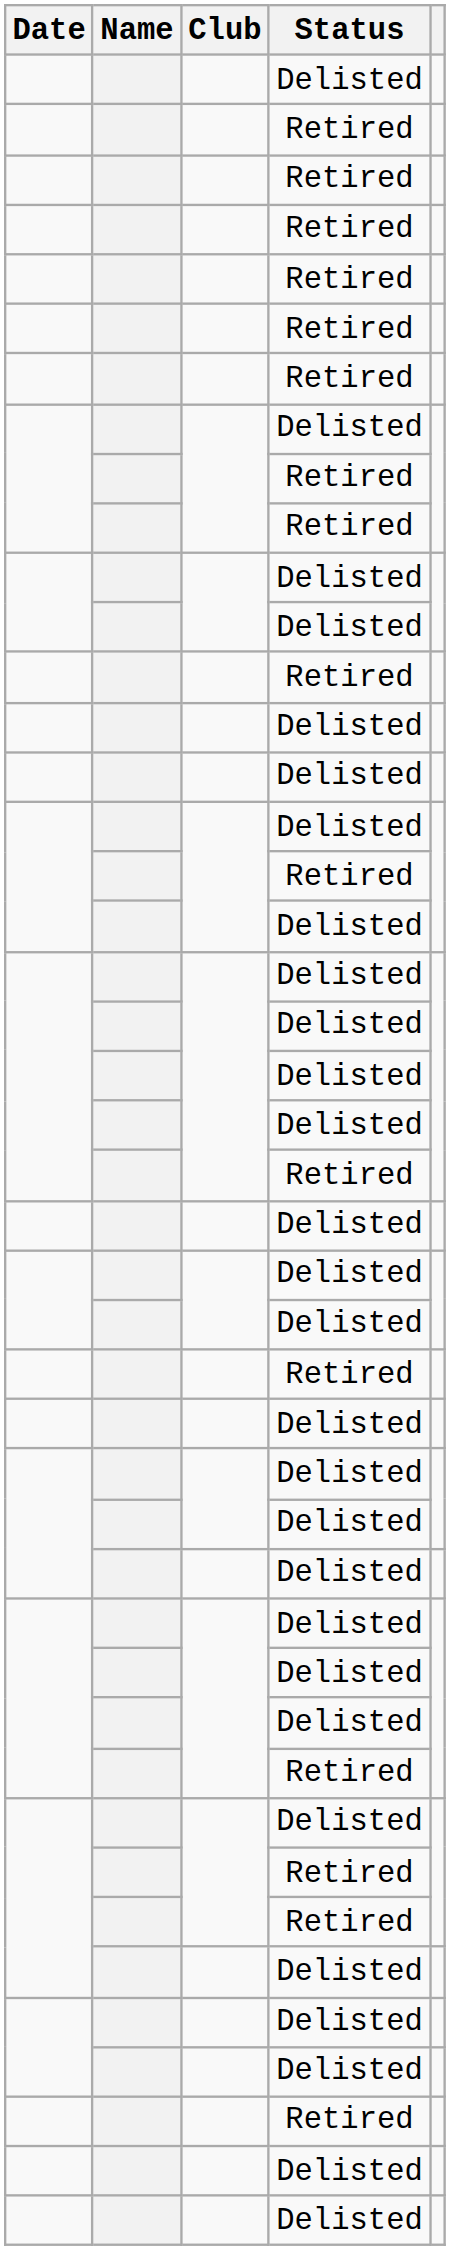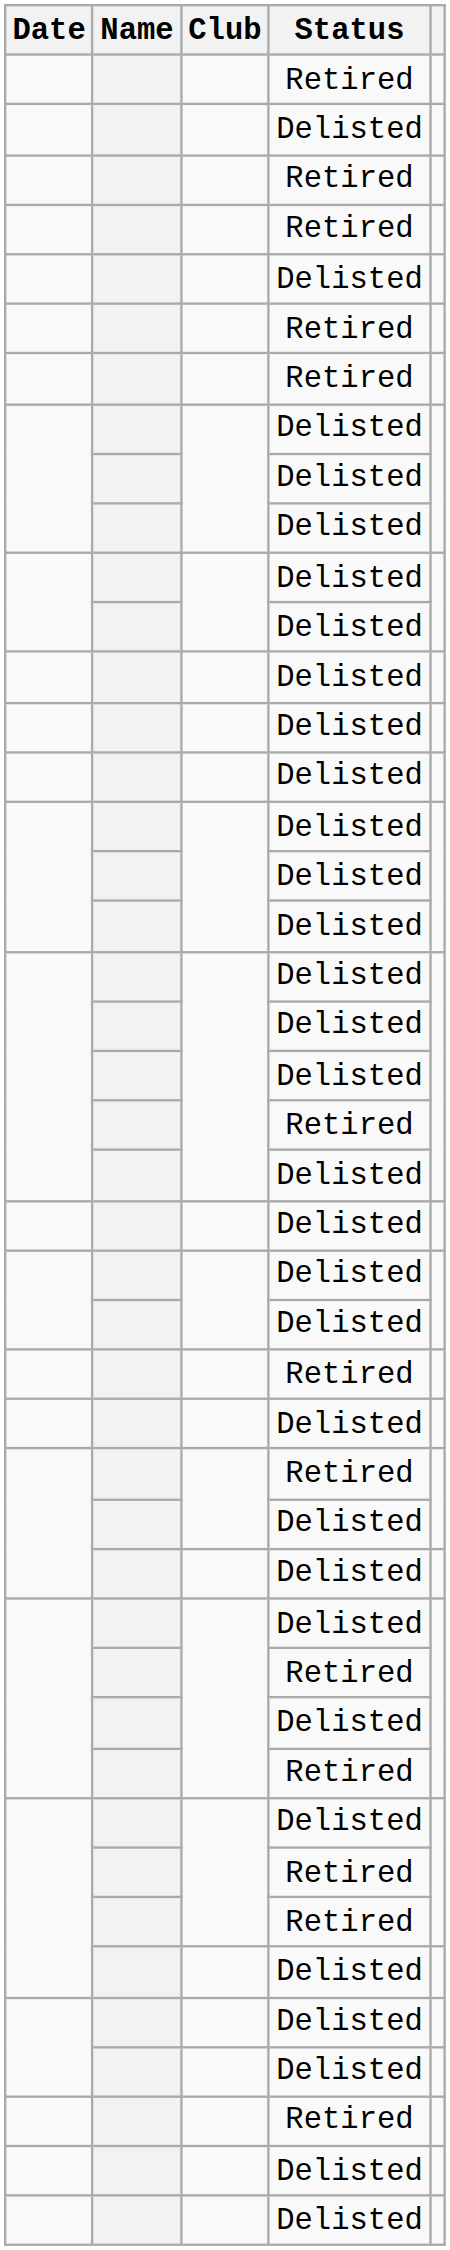 <table class="wikitable sortable plainrowheaders" style="text-align:center;">
 <tr>
 <th scope="col">Date</th>
 <th scope="col">Name</th>
 <th scope="col">Club</th>
 <th scope="col">Status</th>
 <th class="unsortable"></th>
+</tr>
+<tr>
+<td></td>
+<th scope="row"></th>
+<td></td>
+<td>Retired</td>
+<td></td>
 </tr>
 <tr>
 <td></td>
 <th scope="row"></th>
 <td></td>
 <td>Delisted</td>
 <td></td>
 </tr>
 <tr>
 <td></td>
 <th scope="row"></th>
 <td></td>
 <td>Retired</td>
 <td></td>
 </tr>
 <tr>
 <td></td>
 <th scope="row"></th>
 <td></td>
 <td>Retired</td>
 <td></td>
 </tr>
 <tr>
 <td></td>
 <th scope="row"></th>
 <td></td>
-<td>Retired</td>
-<td></td>
-</tr>
-<tr>
-<td></td>
-<th scope="row"></th>
-<td></td>
-<td>Retired</td>
+<td>Delisted</td>
 <td></td>
 </tr>
 <tr>
 <td></td>
 <th scope="row"></th>
 <td></td>
 <td>Retired</td>
 <td></td>
 </tr>
 <tr>
 <td></td>
 <th scope="row"></th>
 <td></td>
 <td>Retired</td>
 <td></td>
 </tr>
 <tr>
 <td rowspan=3></td>
 <th scope="row"></th>
 <td rowspan=3></td>
 <td>Delisted</td>
 <td rowspan=3></td>
 </tr>
 <tr>
 <th scope="row"></th>
-<td>Retired</td>
+<td>Delisted</td>
 </tr>
 <tr>
 <th scope="row"></th>
-<td>Retired</td>
+<td>Delisted</td>
 </tr>
 <tr>
 <td rowspan=2></td>
 <th scope="row"></th>
 <td rowspan=2></td>
 <td>Delisted</td>
 <td rowspan=2></td>
 </tr>
 <tr>
 <th scope="row"></th>
 <td>Delisted</td>
 </tr>
 <tr>
 <td></td>
 <th scope="row"></th>
 <td></td>
-<td>Retired</td>
+<td>Delisted</td>
 <td></td>
 </tr>
 <tr>
 <td></td>
 <th scope="row"></th>
 <td></td>
 <td>Delisted</td>
 <td></td>
 </tr>
 <tr>
 <td></td>
 <th scope="row"></th>
 <td></td>
 <td>Delisted</td>
 <td></td>
 </tr>
 <tr>
 <td rowspan=3></td>
 <th scope="row"></th>
 <td rowspan=3></td>
 <td>Delisted</td>
 <td rowspan=3></td>
 </tr>
 <tr>
 <th scope="row"></th>
-<td>Retired</td>
+<td>Delisted</td>
 </tr>
 <tr>
 <th scope="row"></th>
 <td>Delisted</td>
 </tr>
 <tr>
 <td rowspan=5></td>
 <th scope="row"></th>
 <td rowspan=5></td>
 <td>Delisted</td>
 <td rowspan=5></td>
 </tr>
 <tr>
 <th scope="row"></th>
 <td>Delisted</td>
 </tr>
 <tr>
 <th scope="row"></th>
 <td>Delisted</td>
 </tr>
 <tr>
 <th scope="row"></th>
-<td>Delisted</td>
+<td>Retired</td>
 </tr>
 <tr>
 <th scope="row"></th>
-<td>Retired</td>
+<td>Delisted</td>
 </tr>
 <tr>
 <td></td>
 <th scope="row"></th>
 <td></td>
 <td>Delisted</td>
 <td></td>
 </tr>
 <tr>
 <td rowspan=2></td>
 <th scope="row"></th>
 <td rowspan=2></td>
 <td>Delisted</td>
 <td rowspan=2></td>
 </tr>
 <tr>
 <th scope="row"></th>
 <td>Delisted</td>
 </tr>
 <tr>
 <td></td>
 <th scope="row"></th>
 <td></td>
 <td>Retired</td>
 <td></td>
 </tr>
 <tr>
 <td></td>
 <th scope="row"></th>
 <td></td>
 <td>Delisted</td>
 <td></td>
 </tr>
 <tr>
 <td rowspan=3></td>
 <th scope="row"></th>
 <td rowspan=2></td>
-<td>Delisted</td>
+<td>Retired</td>
 <td rowspan=2></td>
 </tr>
 <tr>
 <th scope="row"></th>
 <td>Delisted</td>
 </tr>
 <tr>
 <th scope="row"></th>
 <td></td>
 <td>Delisted</td>
 <td></td>
 </tr>
 <tr>
 <td rowspan=4></td>
 <th scope="row"></th>
 <td rowspan=4></td>
 <td>Delisted</td>
 <td rowspan=4></td>
 </tr>
 <tr>
 <th scope="row"></th>
-<td>Delisted</td>
+<td>Retired</td>
 </tr>
 <tr>
 <th scope="row"></th>
 <td>Delisted</td>
 </tr>
 <tr>
 <th scope="row"></th>
 <td>Retired</td>
 </tr>
 <tr>
 <td rowspan=4></td>
 <th scope="row"></th>
 <td rowspan=3></td>
 <td>Delisted</td>
 <td rowspan=3></td>
 </tr>
 <tr>
 <th scope="row"></th>
 <td>Retired</td>
 </tr>
 <tr>
 <th scope="row"></th>
 <td>Retired</td>
 </tr>
 <tr>
 <th scope="row"></th>
 <td></td>
 <td>Delisted</td>
 <td></td>
 </tr>
 <tr>
 <td rowspan=2></td>
 <th scope="row"></th>
 <td></td>
 <td>Delisted</td>
 <td></td>
 </tr>
 <tr>
 <th scope="row"></th>
 <td></td>
 <td>Delisted</td>
 <td></td>
 </tr>
 <tr>
 <td></td>
 <th scope="row"></th>
 <td></td>
 <td>Retired</td>
 <td></td>
 </tr>
 <tr>
 <td></td>
 <th scope="row"></th>
 <td></td>
 <td>Delisted</td>
 <td></td>
 </tr>
 <tr>
 <td></td>
 <th scope="row"></th>
 <td></td>
 <td>Delisted</td>
 <td></td>
 </tr>
 </table>
